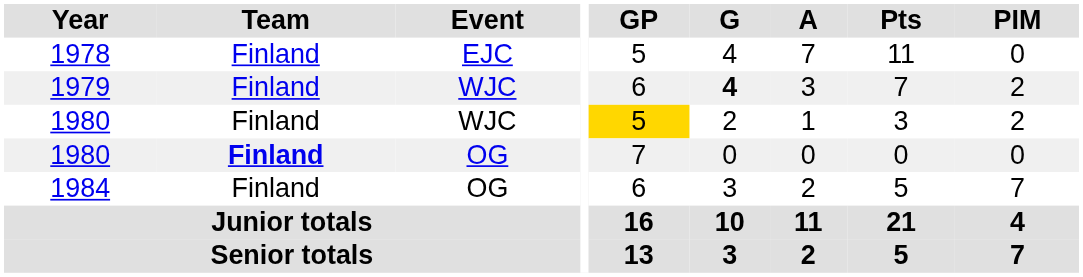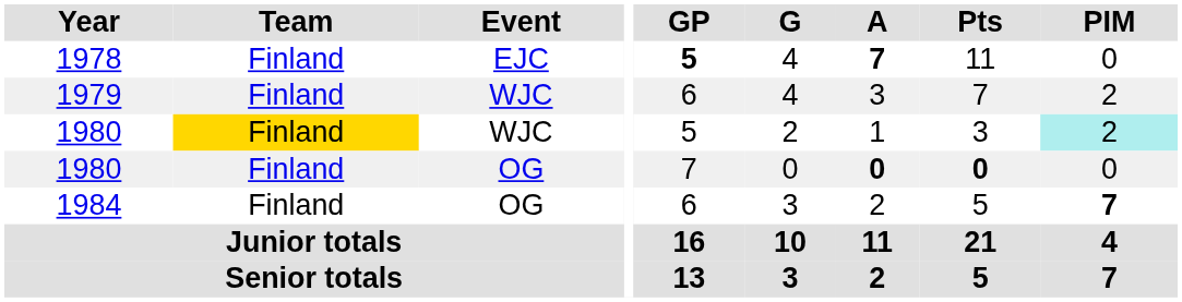 <table border="0" cellpadding="1" cellspacing="0" ID="Table3" style="text-align:center; width:40em">
 <tr bgcolor="#e0e0e0">
 <th>Year</th>
 <th>Team</th>
 <th>Event</th>
 <th rowspan="102" bgcolor="#ffffff"></th>
 <th>GP</th>
 <th>G</th>
 <th>A</th>
 <th>Pts</th>
 <th>PIM</th>
 </tr>
 <tr>
 <td><a href='#'>1978</a></td>
 <td><a href='#'>Finland</a></td>
 <td><a href='#'>EJC</a></td>
-<td>5</td>
+<td><strong>5</strong></td>
 <td>4</td>
-<td>7</td>
+<td><strong>7</strong></td>
 <td>11</td>
 <td>0</td>
 </tr>
 <tr bgcolor="#f0f0f0">
 <td><a href='#'>1979</a></td>
 <td><a href='#'>Finland</a></td>
 <td><a href='#'>WJC</a></td>
 <td>6</td>
-<td><strong>4</strong></td>
+<td>4</td>
 <td>3</td>
 <td>7</td>
 <td>2</td>
 </tr>
 <tr>
 <td><a href='#'>1980</a></td>
-<td>Finland</td>
+<td style="background: gold;">Finland</td>
 <td>WJC</td>
-<td style="background: gold;">5</td>
+<td>5</td>
 <td>2</td>
 <td>1</td>
 <td>3</td>
-<td>2</td>
+<td style="background: paleturquoise;">2</td>
 </tr>
 <tr bgcolor="#f0f0f0">
 <td><a href='#'>1980</a></td>
-<td><strong><a href='#'>Finland</a></strong></td>
+<td><a href='#'>Finland</a></td>
 <td><a href='#'>OG</a></td>
 <td>7</td>
 <td>0</td>
-<td>0</td>
-<td>0</td>
+<td><strong>0</strong></td>
+<td><strong>0</strong></td>
 <td>0</td>
 </tr>
 <tr>
 <td><a href='#'>1984</a></td>
 <td>Finland</td>
 <td>OG</td>
 <td>6</td>
 <td>3</td>
 <td>2</td>
 <td>5</td>
-<td>7</td>
+<td><strong>7</strong></td>
 </tr>
 <tr bgcolor="#e0e0e0">
 <th colspan="3">Junior totals</th>
 <th>16</th>
 <th>10</th>
 <th>11</th>
 <th>21</th>
 <th>4</th>
 </tr>
 <tr bgcolor="#e0e0e0">
 <th colspan="3">Senior totals</th>
 <th>13</th>
 <th>3</th>
 <th>2</th>
 <th>5</th>
 <th>7</th>
 </tr>
 </table>
